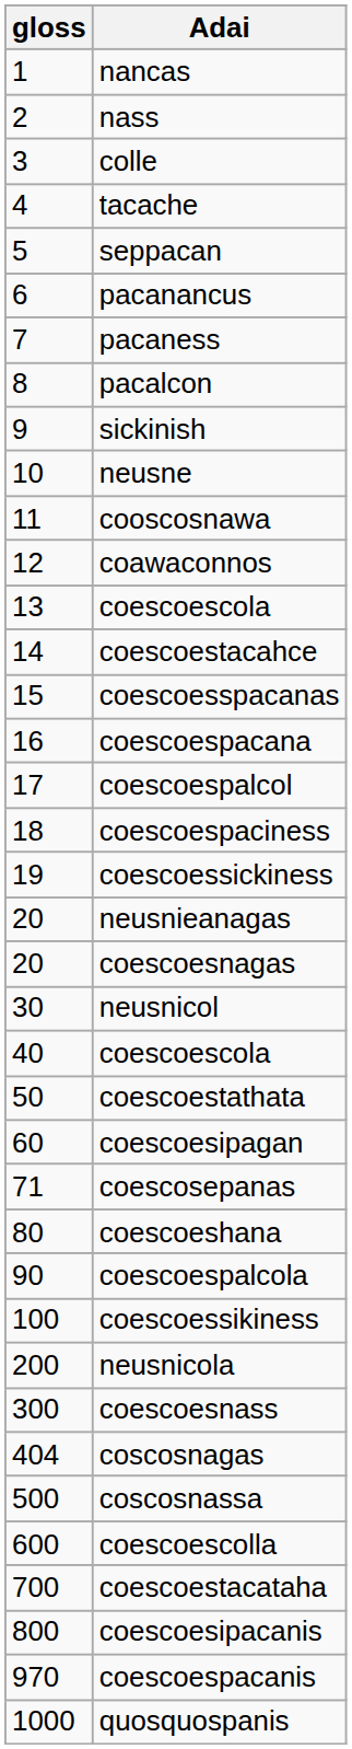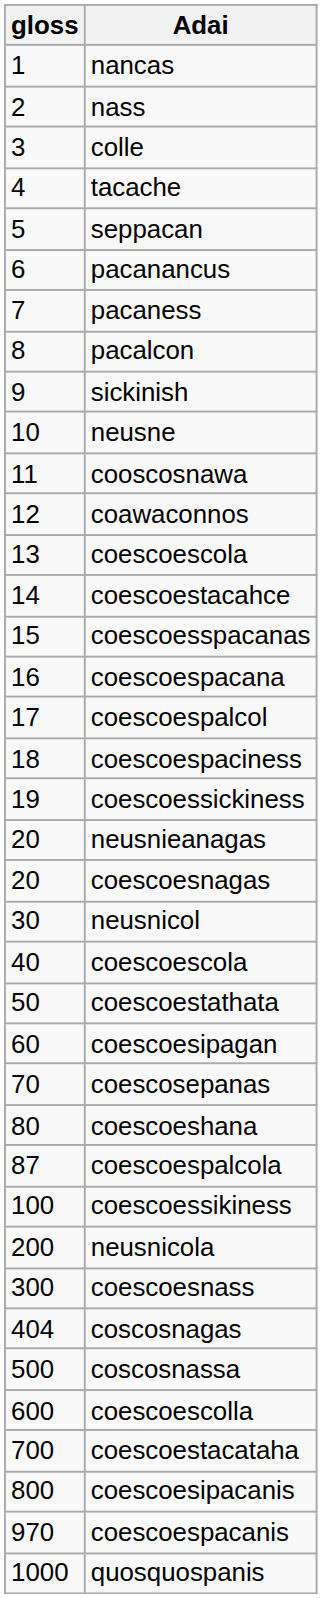 <table class="wikitable sortable" style="font-size: 85%">
 <tr>
 <th>gloss</th>
 <th>Adai</th>
 </tr>
 <tr>
 <td>1</td>
 <td>nancas</td>
 </tr>
 <tr>
 <td>2</td>
 <td>nass</td>
 </tr>
 <tr>
 <td>3</td>
 <td>colle</td>
 </tr>
 <tr>
 <td>4</td>
 <td>tacache</td>
 </tr>
 <tr>
 <td>5</td>
 <td>seppacan</td>
 </tr>
 <tr>
 <td>6</td>
 <td>pacanancus</td>
 </tr>
 <tr>
 <td>7</td>
 <td>pacaness</td>
 </tr>
 <tr>
 <td>8</td>
 <td>pacalcon</td>
 </tr>
 <tr>
 <td>9</td>
 <td>sickinish</td>
 </tr>
 <tr>
 <td>10</td>
 <td>neusne</td>
 </tr>
 <tr>
 <td>11</td>
 <td>cooscosnawa</td>
 </tr>
 <tr>
 <td>12</td>
 <td>coawaconnos</td>
 </tr>
 <tr>
 <td>13</td>
 <td>coescoescola</td>
 </tr>
 <tr>
 <td>14</td>
 <td>coescoestacahce</td>
 </tr>
 <tr>
 <td>15</td>
 <td>coescoesspacanas</td>
 </tr>
 <tr>
 <td>16</td>
 <td>coescoespacana</td>
 </tr>
 <tr>
 <td>17</td>
 <td>coescoespalcol</td>
 </tr>
 <tr>
 <td>18</td>
 <td>coescoespaciness</td>
 </tr>
 <tr>
 <td>19</td>
 <td>coescoessickiness</td>
 </tr>
 <tr>
 <td>20</td>
 <td>neusnieanagas</td>
 </tr>
 <tr>
 <td>20</td>
 <td>coescoesnagas</td>
 </tr>
 <tr>
 <td>30</td>
 <td>neusnicol</td>
 </tr>
 <tr>
 <td>40</td>
 <td>coescoescola</td>
 </tr>
 <tr>
 <td>50</td>
 <td>coescoestathata</td>
 </tr>
 <tr>
 <td>60</td>
 <td>coescoesipagan</td>
 </tr>
 <tr>
-<td>71</td>
+<td>70</td>
 <td>coescosepanas</td>
 </tr>
 <tr>
 <td>80</td>
 <td>coescoeshana</td>
 </tr>
 <tr>
-<td>90</td>
+<td>87</td>
 <td>coescoespalcola</td>
 </tr>
 <tr>
 <td>100</td>
 <td>coescoessikiness</td>
 </tr>
 <tr>
 <td>200</td>
 <td>neusnicola</td>
 </tr>
 <tr>
 <td>300</td>
 <td>coescoesnass</td>
 </tr>
 <tr>
 <td>404</td>
 <td>coscosnagas</td>
 </tr>
 <tr>
 <td>500</td>
 <td>coscosnassa</td>
 </tr>
 <tr>
 <td>600</td>
 <td>coescoescolla</td>
 </tr>
 <tr>
 <td>700</td>
 <td>coescoestacataha</td>
 </tr>
 <tr>
 <td>800</td>
 <td>coescoesipacanis</td>
 </tr>
 <tr>
 <td>970</td>
 <td>coescoespacanis</td>
 </tr>
 <tr>
 <td>1000</td>
 <td>quosquospanis</td>
 </tr>
 </table>
